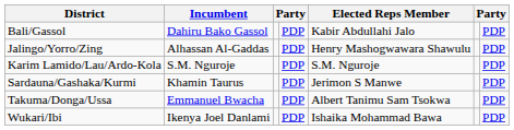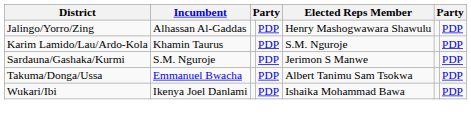 <table class="sortable wikitable" style="font-size:95%;line-height:14px;">
 <tr>
 <th class="unsortable">District</th>
 <th class="unsortable"><a href='#'>Incumbent</a></th>
 <th colspan="2">Party</th>
 <th class="unsortable">Elected Reps Member</th>
 <th colspan="2">Party</th>
-</tr>
-<tr>
-<td>Bali/Gassol</td>
-<td><a href='#'>Dahiru Bako Gassol</a></td>
-<td style="background:"></td>
-<td><a href='#'>PDP</a></td>
-<td>Kabir Abdullahi Jalo</td>
-<td style="background:"></td>
-<td><a href='#'>PDP</a></td>
 </tr>
 <tr>
 <td>Jalingo/Yorro/Zing</td>
 <td>Alhassan Al-Gaddas</td>
 <td style="background:"></td>
 <td><a href='#'>PDP</a></td>
 <td>Henry Mashogwawara Shawulu</td>
 <td style="background:"></td>
 <td><a href='#'>PDP</a></td>
 </tr>
 <tr>
 <td>Karim Lamido/Lau/Ardo-Kola</td>
-<td>S.M. Nguroje</td>
+<td>Khamin Taurus</td>
 <td style="background:"></td>
 <td><a href='#'>PDP</a></td>
 <td>S.M. Nguroje</td>
 <td style="background:"></td>
 <td><a href='#'>PDP</a></td>
 </tr>
 <tr>
 <td>Sardauna/Gashaka/Kurmi</td>
-<td>Khamin Taurus</td>
+<td>S.M. Nguroje</td>
 <td style="background:"></td>
 <td><a href='#'>PDP</a></td>
 <td>Jerimon S Manwe</td>
 <td style="background:"></td>
 <td><a href='#'>PDP</a></td>
 </tr>
 <tr>
 <td>Takuma/Donga/Ussa</td>
 <td><a href='#'>Emmanuel Bwacha</a></td>
 <td style="background:"></td>
 <td><a href='#'>PDP</a></td>
 <td>Albert Tanimu Sam Tsokwa</td>
 <td style="background:"></td>
 <td><a href='#'>PDP</a></td>
 </tr>
 <tr>
 <td>Wukari/Ibi</td>
 <td>Ikenya Joel Danlami</td>
 <td style="background:"></td>
 <td><a href='#'>PDP</a></td>
 <td>Ishaika Mohammad Bawa</td>
 <td style="background:"></td>
 <td><a href='#'>PDP</a></td>
 </tr>
 </table>
